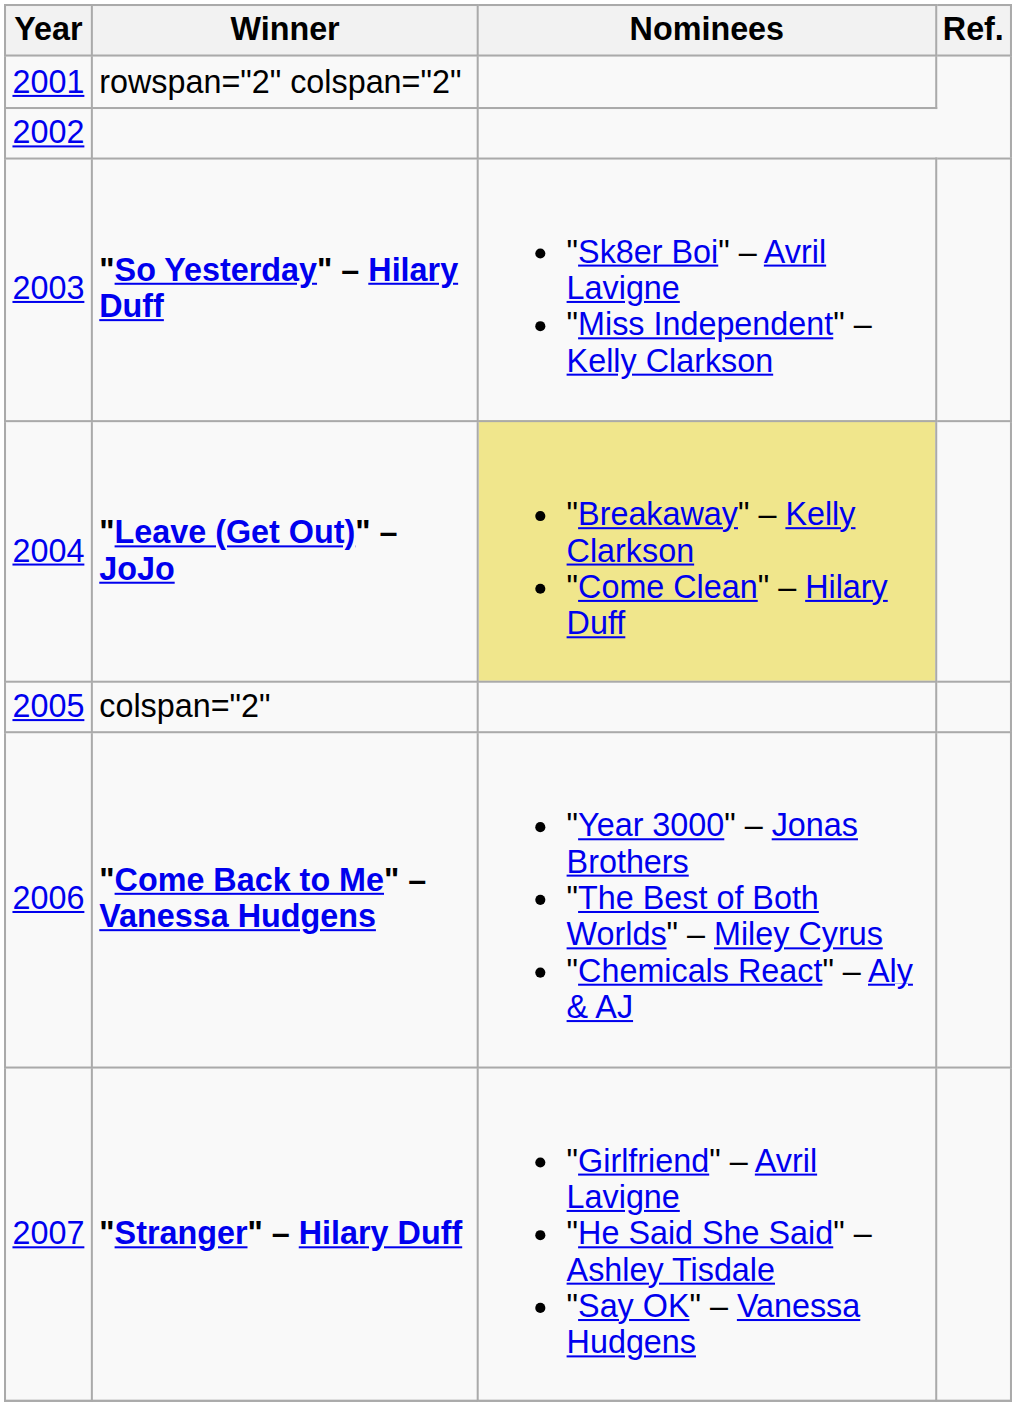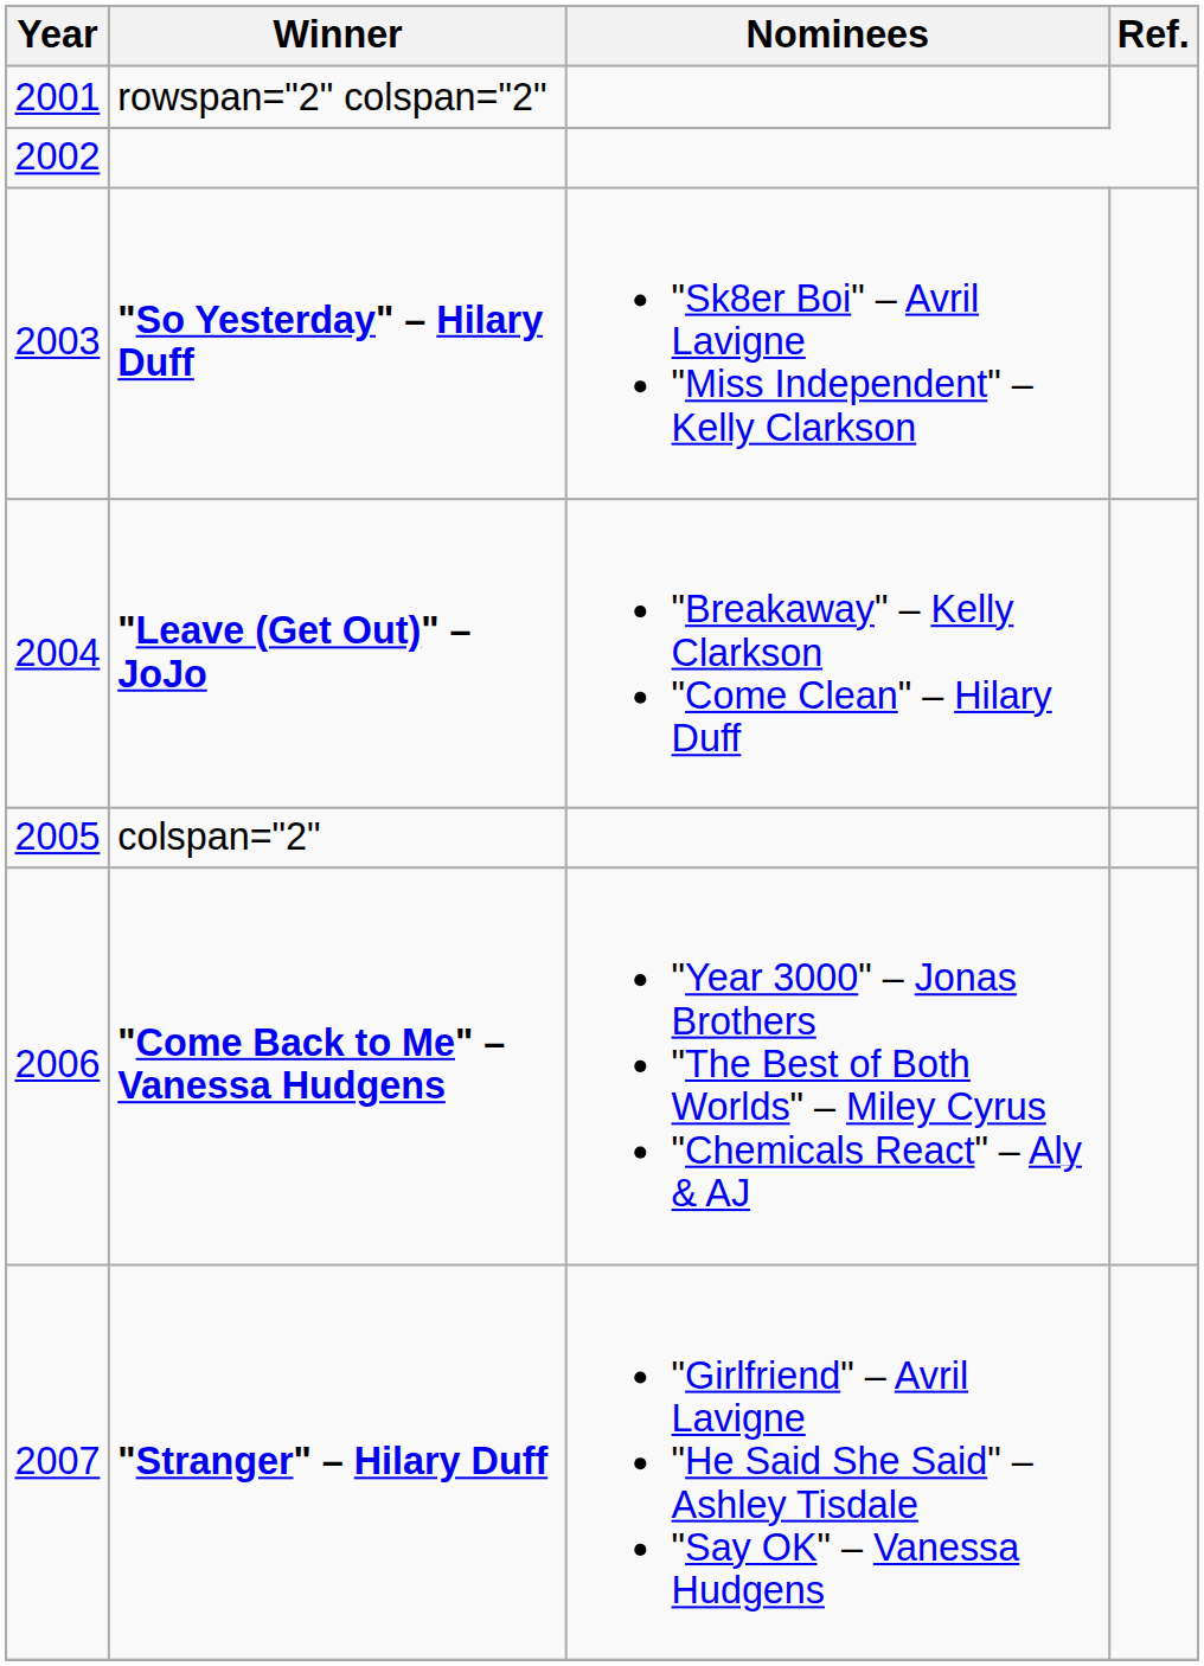 <table class="wikitable" width=80%>
 <tr>
 <th>Year</th>
 <th>Winner</th>
 <th>Nominees</th>
 <th>Ref.</th>
 </tr>
 <tr>
 <td align="center"><a href='#'>2001</a></td>
 <td>rowspan="2" colspan="2" </td>
 <td align="center"></td>
 </tr>
 <tr>
 <td align="center"><a href='#'>2002</a></td>
 <td align="center"></td>
 </tr>
 <tr>
 <td align="center"><a href='#'>2003</a></td>
 <td><strong>"<a href='#'>So Yesterday</a>" – <a href='#'>Hilary Duff</a></strong></td>
 <td><br><ul><li>"<a href='#'>Sk8er Boi</a>" – <a href='#'>Avril Lavigne</a></li><li>"<a href='#'>Miss Independent</a>" – <a href='#'>Kelly Clarkson</a></li></ul></td>
 <td align="center"></td>
 </tr>
 <tr>
 <td align="center"><a href='#'>2004</a></td>
 <td><strong>"<a href='#'>Leave (Get Out)</a>" – <a href='#'>JoJo</a></strong></td>
-<td style="background: khaki;"><br><ul><li>"<a href='#'>Breakaway</a>" – <a href='#'>Kelly Clarkson</a></li><li>"<a href='#'>Come Clean</a>" – <a href='#'>Hilary Duff</a></li></ul></td>
+<td><br><ul><li>"<a href='#'>Breakaway</a>" – <a href='#'>Kelly Clarkson</a></li><li>"<a href='#'>Come Clean</a>" – <a href='#'>Hilary Duff</a></li></ul></td>
 <td align="center"></td>
 </tr>
 <tr>
 <td align="center"><a href='#'>2005</a></td>
 <td>colspan="2" </td>
 <td align="center"></td>
 </tr>
 <tr>
 <td align="center"><a href='#'>2006</a></td>
 <td><strong>"<a href='#'>Come Back to Me</a>" – <a href='#'>Vanessa Hudgens</a></strong></td>
 <td><br><ul><li>"<a href='#'>Year 3000</a>" – <a href='#'>Jonas Brothers</a></li><li>"<a href='#'>The Best of Both Worlds</a>" – <a href='#'>Miley Cyrus</a></li><li>"<a href='#'>Chemicals React</a>" – <a href='#'>Aly & AJ</a></li></ul></td>
 <td align="center"></td>
 </tr>
 <tr>
 <td align="center"><a href='#'>2007</a></td>
 <td><strong>"<a href='#'>Stranger</a>" – <a href='#'>Hilary Duff</a></strong></td>
 <td><br><ul><li>"<a href='#'>Girlfriend</a>" – <a href='#'>Avril Lavigne</a></li><li>"<a href='#'>He Said She Said</a>" – <a href='#'>Ashley Tisdale</a></li><li>"<a href='#'>Say OK</a>" – <a href='#'>Vanessa Hudgens</a></li></ul></td>
 <td align="center"></td>
 </tr>
 <tr>
 </tr>
 </table>
